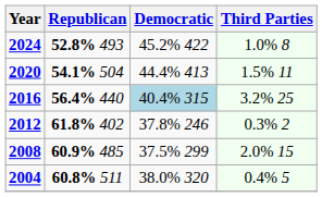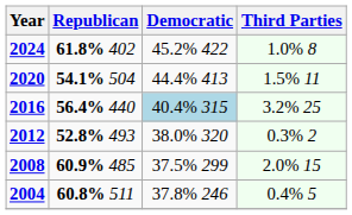 <table class="wikitable" style="float:right; font-size:95%;">
 <tr>
 <th>Year</th>
 <th><a href='#'>Republican</a></th>
 <th><a href='#'>Democratic</a></th>
 <th><a href='#'>Third Parties</a></th>
 </tr>
 <tr>
 <td style="text-align:center;" ><strong><a href='#'>2024</a></strong></td>
-<td style="text-align:center;" ><strong>52.8%</strong> <em>493</em></td>
+<td style="text-align:center;" ><strong>61.8%</strong> <em>402</em></td>
 <td style="text-align:center;" >45.2%  <em>422</em></td>
 <td style="text-align:center; background:honeyDew;">1.0% <em>8</em></td>
 </tr>
 <tr>
 <td style="text-align:center;" ><strong><a href='#'>2020</a></strong></td>
 <td style="text-align:center;" ><strong>54.1%</strong> <em>504</em></td>
 <td style="text-align:center;" >44.4%  <em>413</em></td>
 <td style="text-align:center; background:honeyDew;">1.5% <em>11</em></td>
 </tr>
 <tr>
 <td style="text-align:center;" ><strong><a href='#'>2016</a></strong></td>
 <td style="text-align:center;" ><strong>56.4%</strong> <em>440</em></td>
 <td style="background: lightblue; text-align:center;" >40.4% <em>315</em></td>
 <td style="text-align:center; background:honeyDew;">3.2% <em>25</em></td>
 </tr>
 <tr>
 <td style="text-align:center;" ><strong><a href='#'>2012</a></strong></td>
-<td style="text-align:center;" ><strong>61.8%</strong> <em>402</em></td>
-<td style="text-align:center;" >37.8%  <em>246</em></td>
+<td style="text-align:center;" ><strong>52.8%</strong> <em>493</em></td>
+<td style="text-align:center;" >38.0%   <em>320</em></td>
 <td style="text-align:center; background:honeyDew;">0.3% <em>2</em></td>
 </tr>
 <tr>
 <td style="text-align:center;" ><strong><a href='#'>2008</a></strong></td>
 <td style="text-align:center;" ><strong>60.9%</strong> <em>485</em></td>
 <td style="text-align:center;" >37.5%  <em>299</em></td>
 <td style="text-align:center; background:honeyDew;">2.0% <em>15</em></td>
 </tr>
 <tr>
 <td style="text-align:center;" ><strong><a href='#'>2004</a></strong></td>
 <td style="text-align:center;" ><strong>60.8%</strong> <em>511</em></td>
-<td style="text-align:center;" >38.0%   <em>320</em></td>
+<td style="text-align:center;" >37.8%  <em>246</em></td>
 <td style="text-align:center; background:honeyDew;">0.4% <em>5</em></td>
 </tr>
 <tr>
 </tr>
 </table>
